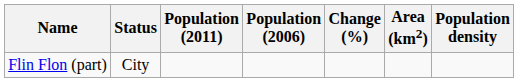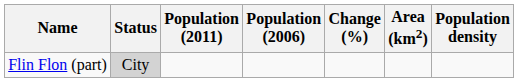 <table class="wikitable sortable">
 <tr>
 <th>Name</th>
 <th>Status</th>
 <th>Population<br>(2011)</th>
 <th>Population<br>(2006)</th>
 <th>Change<br>(%)</th>
 <th>Area<br>(km<sup>2</sup>)</th>
 <th>Population<br>density</th>
 </tr>
 <tr>
 <td><a href='#'>Flin Flon</a> (part)</td>
-<td align=center>City</td>
+<td align=center style="background: lightgrey;">City</td>
 <td align=center></td>
 <td align=center></td>
 <td align=center></td>
 <td align=center></td>
 <td align=center></td>
 </tr>
 <tr>
 </tr>
 </table>
